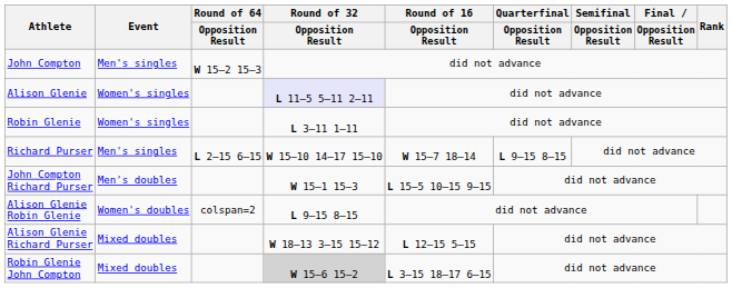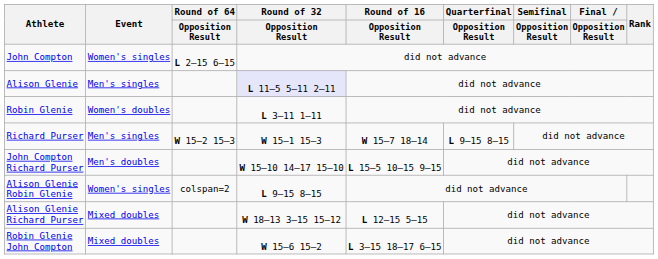 <table class="wikitable" style="font-size:90%">
 <tr>
 <th rowspan="2">Athlete</th>
 <th rowspan="2">Event</th>
 <th>Round of 64</th>
 <th>Round of 32</th>
 <th>Round of 16</th>
 <th>Quarterfinal</th>
 <th>Semifinal</th>
 <th>Final / </th>
 <th rowspan="2">Rank</th>
 </tr>
 <tr style="font-size:95%">
 <th>Opposition<br>Result</th>
 <th>Opposition<br>Result</th>
 <th>Opposition<br>Result</th>
 <th>Opposition<br>Result</th>
 <th>Opposition<br>Result</th>
 <th>Opposition<br>Result</th>
 </tr>
 <tr align=center>
 <td align=left><a href='#'>John Compton</a></td>
-<td align=left><a href='#'>Men's singles</a></td>
-<td><br><strong>W</strong> 15–2 15–3</td>
+<td align=left><a href='#'>Women's singles</a></td>
+<td><br><strong>L</strong> 2–15 6–15</td>
 <td colspan=6>did not advance</td>
 </tr>
 <tr align=center>
 <td align=left><a href='#'>Alison Glenie</a></td>
-<td align=left><a href='#'>Women's singles</a></td>
+<td align=left><a href='#'>Men's singles</a></td>
 <td></td>
 <td style="background: lavender;"><br><strong>L</strong> 11–5 5–11 2–11</td>
 <td colspan=5>did not advance</td>
 </tr>
 <tr align=center>
 <td align=left><a href='#'>Robin Glenie</a></td>
-<td align=left><a href='#'>Women's singles</a></td>
+<td align=left><a href='#'>Women's doubles</a></td>
 <td></td>
 <td><br><strong>L</strong> 3–11 1–11</td>
 <td colspan=5>did not advance</td>
 </tr>
 <tr align=center>
 <td align=left><a href='#'>Richard Purser</a></td>
 <td align=left><a href='#'>Men's singles</a></td>
-<td><br><strong>L</strong> 2–15 6–15</td>
-<td><br><strong>W</strong> 15–10 14–17 15–10</td>
+<td><br><strong>W</strong> 15–2 15–3</td>
+<td><br><strong>W</strong> 15–1 15–3</td>
 <td><br><strong>W</strong> 15–7 18–14</td>
 <td><br><strong>L</strong> 9–15 8–15</td>
 <td colspan=3>did not advance</td>
 </tr>
 <tr align=center>
 <td align=left><a href='#'>John Compton</a><br><a href='#'>Richard Purser</a></td>
 <td align=left><a href='#'>Men's doubles</a></td>
 <td></td>
-<td><br><strong>W</strong> 15–1 15–3</td>
+<td><br><strong>W</strong> 15–10 14–17 15–10</td>
 <td><br><strong>L</strong> 15–5 10–15 9–15</td>
 <td colspan=4>did not advance</td>
 </tr>
 <tr align=center>
 <td align=left><a href='#'>Alison Glenie</a><br><a href='#'>Robin Glenie</a></td>
-<td align=left><a href='#'>Women's doubles</a></td>
+<td align=left><a href='#'>Women's singles</a></td>
 <td>colspan=2 </td>
 <td><br><strong>L</strong> 9–15 8–15</td>
 <td colspan=4>did not advance</td>
 </tr>
 <tr align=center>
 <td align=left><a href='#'>Alison Glenie</a><br><a href='#'>Richard Purser</a></td>
 <td align=left><a href='#'>Mixed doubles</a></td>
 <td></td>
 <td><br><strong>W</strong> 18–13 3–15 15–12</td>
 <td><br><strong>L</strong> 12–15 5–15</td>
 <td colspan=4>did not advance</td>
 </tr>
 <tr align=center>
 <td align=left><a href='#'>Robin Glenie</a><br><a href='#'>John Compton</a></td>
 <td align=left><a href='#'>Mixed doubles</a></td>
 <td></td>
-<td style="background: lightgrey;"><br><strong>W</strong> 15–6 15–2</td>
+<td><br><strong>W</strong> 15–6 15–2</td>
 <td><br><strong>L</strong> 3–15 18–17 6–15</td>
 <td colspan=4>did not advance</td>
 </tr>
 </table>
